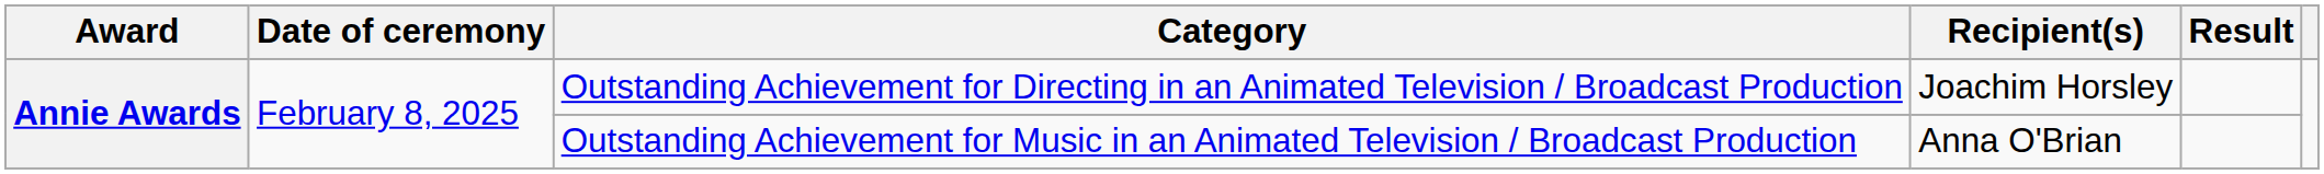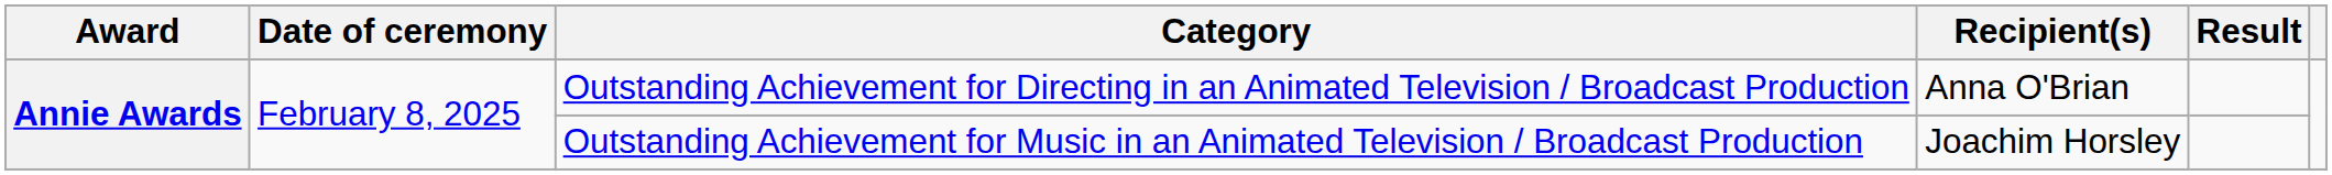 <table class="wikitable sortable plainrowheaders">
 <tr>
 <th scope="col">Award</th>
 <th scope="col">Date of ceremony</th>
 <th scope="col">Category</th>
 <th scope="col">Recipient(s)</th>
 <th scope="col">Result</th>
 <th scope="col" class="unsortable"></th>
 </tr>
 <tr>
 <th rowspan="2" scope="row"><a href='#'>Annie Awards</a></th>
 <td rowspan="2"><a href='#'>February 8, 2025</a></td>
 <td><a href='#'>Outstanding Achievement for Directing in an Animated Television / Broadcast Production</a></td>
-<td>Joachim Horsley</td>
+<td>Anna O'Brian</td>
 <td></td>
 <td rowspan="2" align="center"></td>
 </tr>
 <tr>
 <td><a href='#'>Outstanding Achievement for Music in an Animated Television / Broadcast Production</a></td>
-<td>Anna O'Brian</td>
+<td>Joachim Horsley</td>
 <td></td>
 </tr>
 </table>
